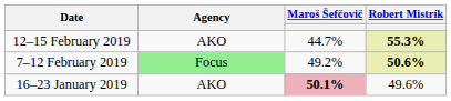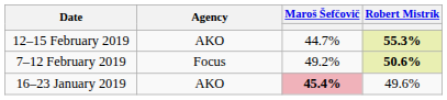 <table class="wikitable" style="text-align:center;">
 <tr style="font-size:85%;">
 <th style="width:150px;" rowspan="2">Date</th>
 <th style="width:165px;" rowspan="2">Agency</th>
 <th><a href='#'>Maroš Šefčovič</a></th>
 <th><a href='#'>Robert Mistrík</a></th>
 </tr>
 <tr>
 <th style="background:"></th>
 <th style="background:"></th>
 </tr>
 <tr>
 <td>12–15 February 2019</td>
 <td>AKO</td>
 <td>44.7%</td>
 <td style="background:#E9EFB2"><strong>55.3%</strong></td>
 </tr>
 <tr>
 <td>7–12 February 2019</td>
-<td style="background: lightgreen;">Focus</td>
+<td>Focus</td>
 <td>49.2%</td>
 <td style="background:#E9EFB2"><strong>50.6%</strong></td>
 </tr>
 <tr>
 <td>16–23 January 2019</td>
 <td>AKO</td>
-<td style="background:#F0B2BA"><strong>50.1%</strong></td>
+<td style="background:#F0B2BA"><strong>45.4%</strong></td>
 <td>49.6%</td>
 </tr>
 </table>
